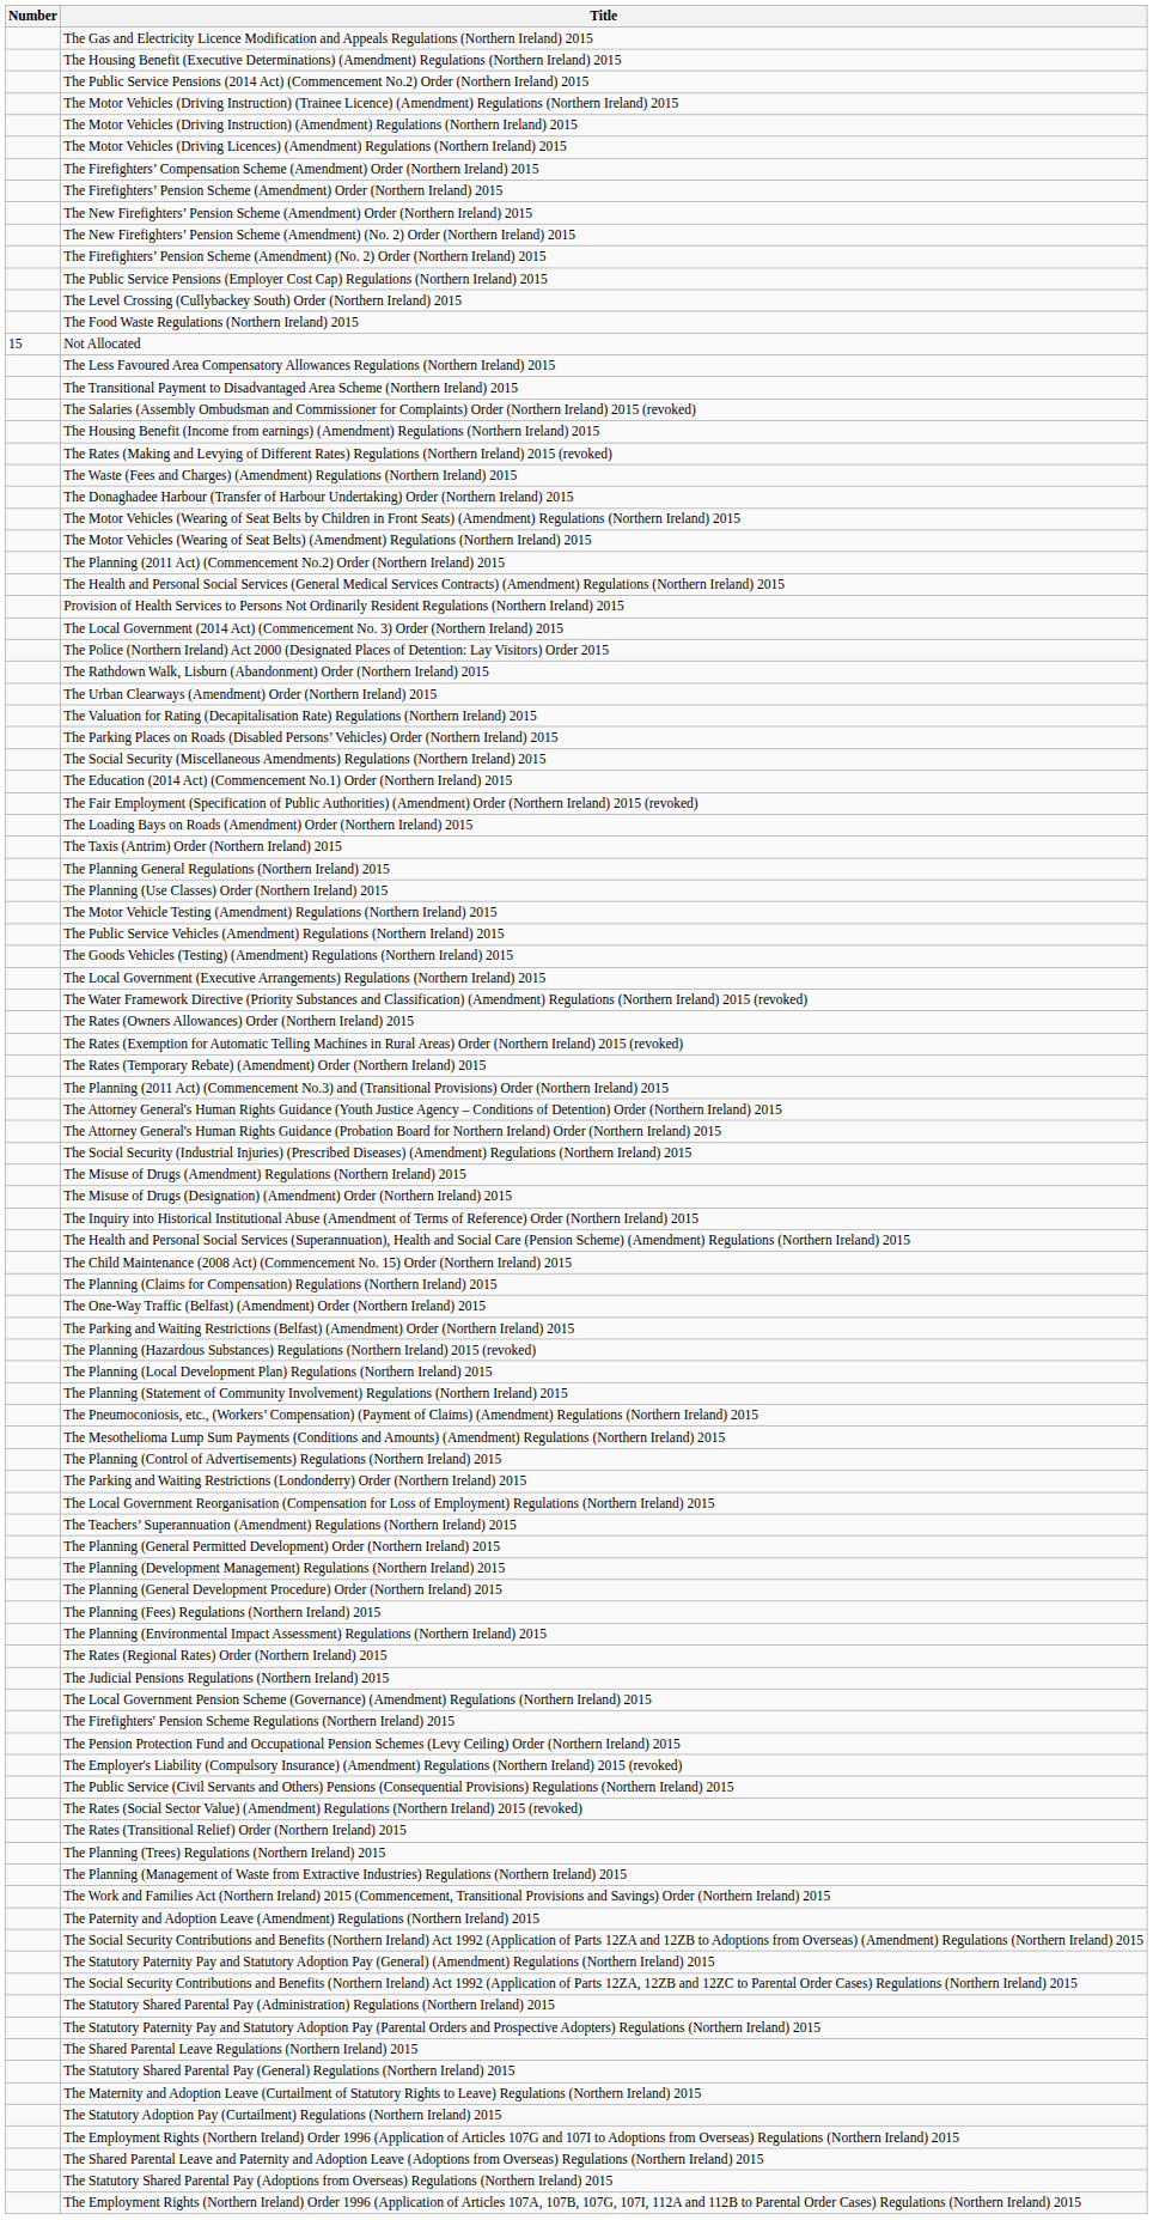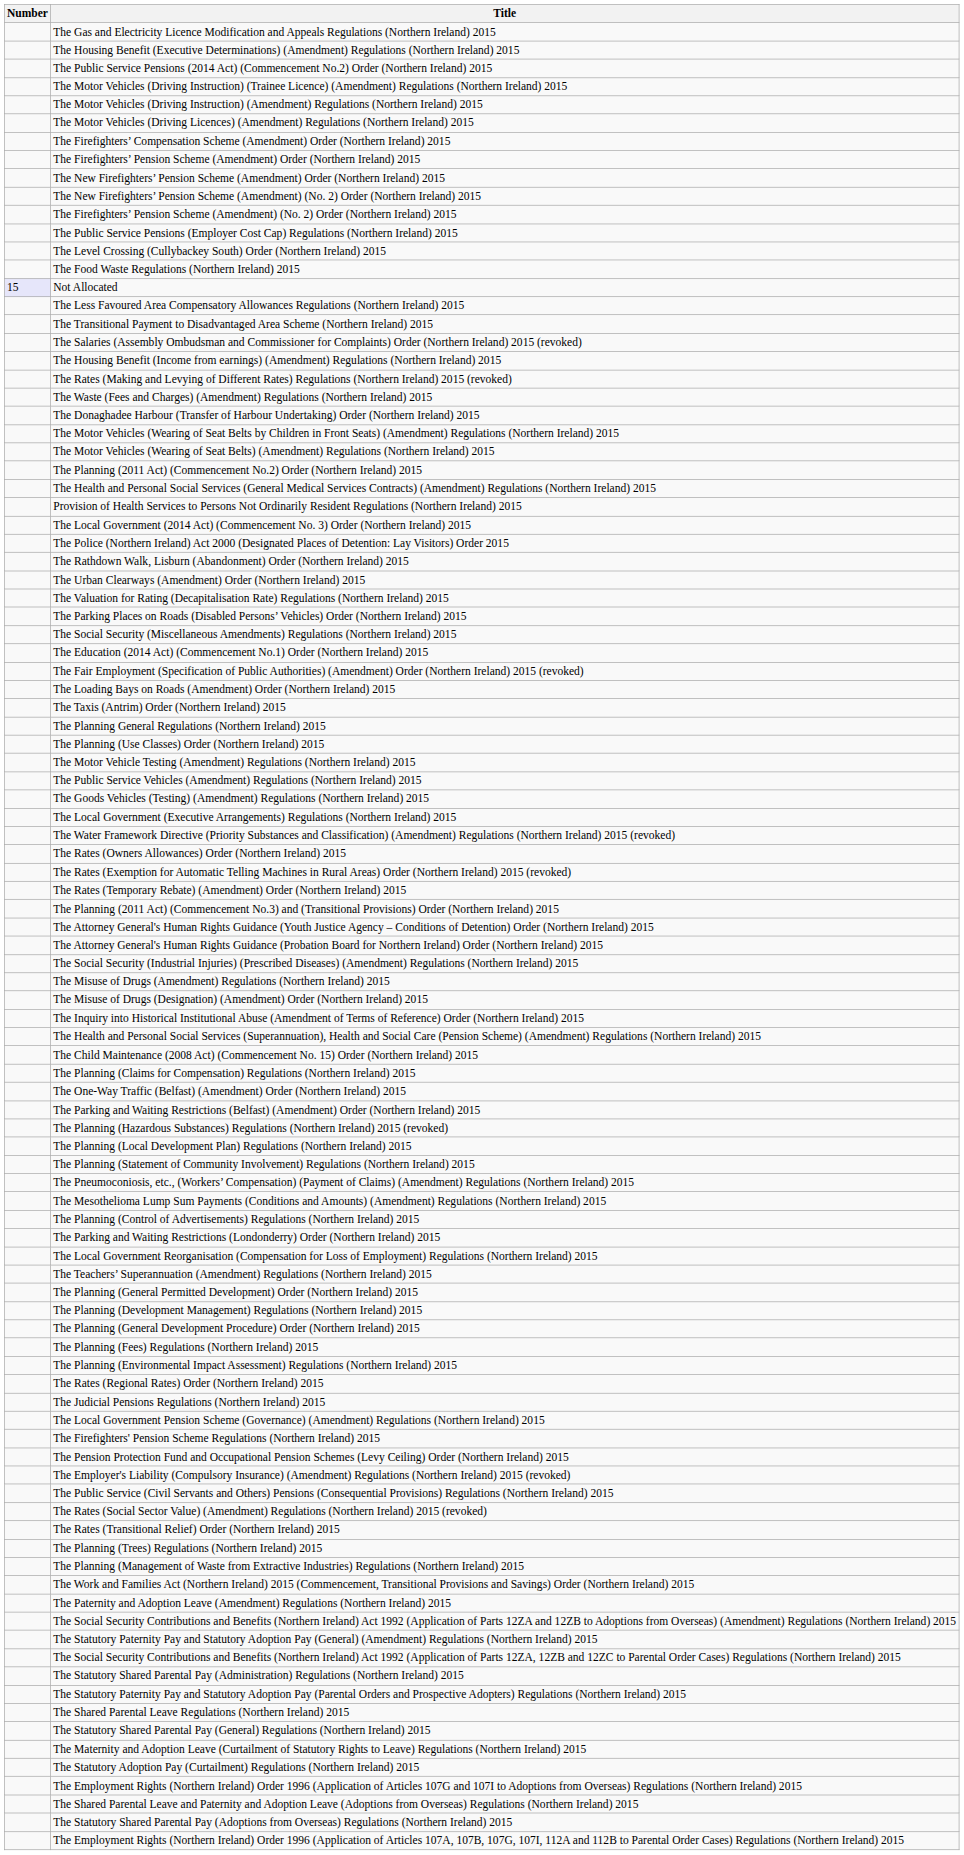 <table class="wikitable collapsible">
 <tr>
 <th>Number</th>
 <th>Title</th>
 </tr>
 <tr>
 <td></td>
 <td>The Gas and Electricity Licence Modification and Appeals Regulations (Northern Ireland) 2015</td>
 </tr>
 <tr>
 <td></td>
 <td>The Housing Benefit (Executive Determinations) (Amendment) Regulations (Northern Ireland) 2015</td>
 </tr>
 <tr>
 <td></td>
 <td>The Public Service Pensions (2014 Act) (Commencement No.2) Order (Northern Ireland) 2015</td>
 </tr>
 <tr>
 <td></td>
 <td>The Motor Vehicles (Driving Instruction) (Trainee Licence) (Amendment) Regulations (Northern Ireland) 2015</td>
 </tr>
 <tr>
 <td></td>
 <td>The Motor Vehicles (Driving Instruction) (Amendment) Regulations (Northern Ireland) 2015</td>
 </tr>
 <tr>
 <td></td>
 <td>The Motor Vehicles (Driving Licences) (Amendment) Regulations (Northern Ireland) 2015</td>
 </tr>
 <tr>
 <td></td>
 <td>The Firefighters’ Compensation Scheme (Amendment) Order (Northern Ireland) 2015</td>
 </tr>
 <tr>
 <td></td>
 <td>The Firefighters’ Pension Scheme (Amendment) Order (Northern Ireland) 2015</td>
 </tr>
 <tr>
 <td></td>
 <td>The New Firefighters’ Pension Scheme (Amendment) Order (Northern Ireland) 2015</td>
 </tr>
 <tr>
 <td></td>
 <td>The New Firefighters’ Pension Scheme (Amendment) (No. 2) Order (Northern Ireland) 2015</td>
 </tr>
 <tr>
 <td></td>
 <td>The Firefighters’ Pension Scheme (Amendment) (No. 2) Order (Northern Ireland) 2015</td>
 </tr>
 <tr>
 <td></td>
 <td>The Public Service Pensions (Employer Cost Cap) Regulations (Northern Ireland) 2015</td>
 </tr>
 <tr>
 <td></td>
 <td>The Level Crossing (Cullybackey South) Order (Northern Ireland) 2015</td>
 </tr>
 <tr>
 <td></td>
 <td>The Food Waste Regulations (Northern Ireland) 2015</td>
 </tr>
 <tr>
-<td>15</td>
+<td style="background: lavender;">15</td>
 <td>Not Allocated</td>
 </tr>
 <tr>
 <td></td>
 <td>The Less Favoured Area Compensatory Allowances Regulations (Northern Ireland) 2015</td>
 </tr>
 <tr>
 <td></td>
 <td>The Transitional Payment to Disadvantaged Area Scheme (Northern Ireland) 2015</td>
 </tr>
 <tr>
 <td></td>
 <td>The Salaries (Assembly Ombudsman and Commissioner for Complaints) Order (Northern Ireland) 2015 (revoked)</td>
 </tr>
 <tr>
 <td></td>
 <td>The Housing Benefit (Income from earnings) (Amendment) Regulations (Northern Ireland) 2015</td>
 </tr>
 <tr>
 <td></td>
 <td>The Rates (Making and Levying of Different Rates) Regulations (Northern Ireland) 2015 (revoked)</td>
 </tr>
 <tr>
 <td></td>
 <td>The Waste (Fees and Charges) (Amendment) Regulations (Northern Ireland) 2015</td>
 </tr>
 <tr>
 <td></td>
 <td>The Donaghadee Harbour (Transfer of Harbour Undertaking) Order (Northern Ireland) 2015</td>
 </tr>
 <tr>
 <td></td>
 <td>The Motor Vehicles (Wearing of Seat Belts by Children in Front Seats) (Amendment) Regulations (Northern Ireland) 2015</td>
 </tr>
 <tr>
 <td></td>
 <td>The Motor Vehicles (Wearing of Seat Belts) (Amendment) Regulations (Northern Ireland) 2015</td>
 </tr>
 <tr>
 <td></td>
 <td>The Planning (2011 Act) (Commencement No.2) Order (Northern Ireland) 2015</td>
 </tr>
 <tr>
 <td></td>
 <td>The Health and Personal Social Services (General Medical Services Contracts) (Amendment) Regulations (Northern Ireland) 2015</td>
 </tr>
 <tr>
 <td></td>
 <td>Provision of Health Services to Persons Not Ordinarily Resident Regulations (Northern Ireland) 2015</td>
 </tr>
 <tr>
 <td></td>
 <td>The Local Government (2014 Act) (Commencement No. 3) Order (Northern Ireland) 2015</td>
 </tr>
 <tr>
 <td></td>
 <td>The Police (Northern Ireland) Act 2000 (Designated Places of Detention: Lay Visitors) Order 2015</td>
 </tr>
 <tr>
 <td></td>
 <td>The Rathdown Walk, Lisburn (Abandonment) Order (Northern Ireland) 2015</td>
 </tr>
 <tr>
 <td></td>
 <td>The Urban Clearways (Amendment) Order (Northern Ireland) 2015</td>
 </tr>
 <tr>
 <td></td>
 <td>The Valuation for Rating (Decapitalisation Rate) Regulations (Northern Ireland) 2015</td>
 </tr>
 <tr>
 <td></td>
 <td>The Parking Places on Roads (Disabled Persons’ Vehicles) Order (Northern Ireland) 2015</td>
 </tr>
 <tr>
 <td></td>
 <td>The Social Security (Miscellaneous Amendments) Regulations (Northern Ireland) 2015</td>
 </tr>
 <tr>
 <td></td>
 <td>The Education (2014 Act) (Commencement No.1) Order (Northern Ireland) 2015</td>
 </tr>
 <tr>
 <td></td>
 <td>The Fair Employment (Specification of Public Authorities) (Amendment) Order (Northern Ireland) 2015 (revoked)</td>
 </tr>
 <tr>
 <td></td>
 <td>The Loading Bays on Roads (Amendment) Order (Northern Ireland) 2015</td>
 </tr>
 <tr>
 <td></td>
 <td>The Taxis (Antrim) Order (Northern Ireland) 2015</td>
 </tr>
 <tr>
 <td></td>
 <td>The Planning General Regulations (Northern Ireland) 2015</td>
 </tr>
 <tr>
 <td></td>
 <td>The Planning (Use Classes) Order (Northern Ireland) 2015</td>
 </tr>
 <tr>
 <td></td>
 <td>The Motor Vehicle Testing (Amendment) Regulations (Northern Ireland) 2015</td>
 </tr>
 <tr>
 <td></td>
 <td>The Public Service Vehicles (Amendment) Regulations (Northern Ireland) 2015</td>
 </tr>
 <tr>
 <td></td>
 <td>The Goods Vehicles (Testing) (Amendment) Regulations (Northern Ireland) 2015</td>
 </tr>
 <tr>
 <td></td>
 <td>The Local Government (Executive Arrangements) Regulations (Northern Ireland) 2015</td>
 </tr>
 <tr>
 <td></td>
 <td>The Water Framework Directive (Priority Substances and Classification) (Amendment) Regulations (Northern Ireland) 2015 (revoked)</td>
 </tr>
 <tr>
 <td></td>
 <td>The Rates (Owners Allowances) Order (Northern Ireland) 2015</td>
 </tr>
 <tr>
 <td></td>
 <td>The Rates (Exemption for Automatic Telling Machines in Rural Areas) Order (Northern Ireland) 2015 (revoked)</td>
 </tr>
 <tr>
 <td></td>
 <td>The Rates (Temporary Rebate) (Amendment) Order (Northern Ireland) 2015</td>
 </tr>
 <tr>
 <td></td>
 <td>The Planning (2011 Act) (Commencement No.3) and (Transitional Provisions) Order (Northern Ireland) 2015</td>
 </tr>
 <tr>
 <td></td>
 <td>The Attorney General's Human Rights Guidance (Youth Justice Agency – Conditions of Detention) Order (Northern Ireland) 2015</td>
 </tr>
 <tr>
 <td></td>
 <td>The Attorney General's Human Rights Guidance (Probation Board for Northern Ireland) Order (Northern Ireland) 2015</td>
 </tr>
 <tr>
 <td></td>
 <td>The Social Security (Industrial Injuries) (Prescribed Diseases) (Amendment) Regulations (Northern Ireland) 2015</td>
 </tr>
 <tr>
 <td></td>
 <td>The Misuse of Drugs (Amendment) Regulations (Northern Ireland) 2015</td>
 </tr>
 <tr>
 <td></td>
 <td>The Misuse of Drugs (Designation) (Amendment) Order (Northern Ireland) 2015</td>
 </tr>
 <tr>
 <td></td>
 <td>The Inquiry into Historical Institutional Abuse (Amendment of Terms of Reference) Order (Northern Ireland) 2015</td>
 </tr>
 <tr>
 <td></td>
 <td>The Health and Personal Social Services (Superannuation), Health and Social Care (Pension Scheme) (Amendment) Regulations (Northern Ireland) 2015</td>
 </tr>
 <tr>
 <td></td>
 <td>The Child Maintenance (2008 Act) (Commencement No. 15) Order (Northern Ireland) 2015</td>
 </tr>
 <tr>
 <td></td>
 <td>The Planning (Claims for Compensation) Regulations (Northern Ireland) 2015</td>
 </tr>
 <tr>
 <td></td>
 <td>The One-Way Traffic (Belfast) (Amendment) Order (Northern Ireland) 2015</td>
 </tr>
 <tr>
 <td></td>
 <td>The Parking and Waiting Restrictions (Belfast) (Amendment) Order (Northern Ireland) 2015</td>
 </tr>
 <tr>
 <td></td>
 <td>The Planning (Hazardous Substances) Regulations (Northern Ireland) 2015 (revoked)</td>
 </tr>
 <tr>
 <td></td>
 <td>The Planning (Local Development Plan) Regulations (Northern Ireland) 2015</td>
 </tr>
 <tr>
 <td></td>
 <td>The Planning (Statement of Community Involvement) Regulations (Northern Ireland) 2015</td>
 </tr>
 <tr>
 <td></td>
 <td>The Pneumoconiosis, etc., (Workers’ Compensation) (Payment of Claims) (Amendment) Regulations (Northern Ireland) 2015</td>
 </tr>
 <tr>
 <td></td>
 <td>The Mesothelioma Lump Sum Payments (Conditions and Amounts) (Amendment) Regulations (Northern Ireland) 2015</td>
 </tr>
 <tr>
 <td></td>
 <td>The Planning (Control of Advertisements) Regulations (Northern Ireland) 2015</td>
 </tr>
 <tr>
 <td></td>
 <td>The Parking and Waiting Restrictions (Londonderry) Order (Northern Ireland) 2015</td>
 </tr>
 <tr>
 <td></td>
 <td>The Local Government Reorganisation (Compensation for Loss of Employment) Regulations (Northern Ireland) 2015</td>
 </tr>
 <tr>
 <td></td>
 <td>The Teachers’ Superannuation (Amendment) Regulations (Northern Ireland) 2015</td>
 </tr>
 <tr>
 <td></td>
 <td>The Planning (General Permitted Development) Order (Northern Ireland) 2015</td>
 </tr>
 <tr>
 <td></td>
 <td>The Planning (Development Management) Regulations (Northern Ireland) 2015</td>
 </tr>
 <tr>
 <td></td>
 <td>The Planning (General Development Procedure) Order (Northern Ireland) 2015</td>
 </tr>
 <tr>
 <td></td>
 <td>The Planning (Fees) Regulations (Northern Ireland) 2015</td>
 </tr>
 <tr>
 <td></td>
 <td>The Planning (Environmental Impact Assessment) Regulations (Northern Ireland) 2015</td>
 </tr>
 <tr>
 <td></td>
 <td>The Rates (Regional Rates) Order (Northern Ireland) 2015</td>
 </tr>
 <tr>
 <td></td>
 <td>The Judicial Pensions Regulations (Northern Ireland) 2015</td>
 </tr>
 <tr>
 <td></td>
 <td>The Local Government Pension Scheme (Governance) (Amendment) Regulations (Northern Ireland) 2015</td>
 </tr>
 <tr>
 <td></td>
 <td>The Firefighters' Pension Scheme Regulations (Northern Ireland) 2015</td>
 </tr>
 <tr>
 <td></td>
 <td>The Pension Protection Fund and Occupational Pension Schemes (Levy Ceiling) Order (Northern Ireland) 2015</td>
 </tr>
 <tr>
 <td></td>
 <td>The Employer's Liability (Compulsory Insurance) (Amendment) Regulations (Northern Ireland) 2015 (revoked)</td>
 </tr>
 <tr>
 <td></td>
 <td>The Public Service (Civil Servants and Others) Pensions (Consequential Provisions) Regulations (Northern Ireland) 2015</td>
 </tr>
 <tr>
 <td></td>
 <td>The Rates (Social Sector Value) (Amendment) Regulations (Northern Ireland) 2015 (revoked)</td>
 </tr>
 <tr>
 <td></td>
 <td>The Rates (Transitional Relief) Order (Northern Ireland) 2015</td>
 </tr>
 <tr>
 <td></td>
 <td>The Planning (Trees) Regulations (Northern Ireland) 2015</td>
 </tr>
 <tr>
 <td></td>
 <td>The Planning (Management of Waste from Extractive Industries) Regulations (Northern Ireland) 2015</td>
 </tr>
 <tr>
 <td></td>
 <td>The Work and Families Act (Northern Ireland) 2015 (Commencement, Transitional Provisions and Savings) Order (Northern Ireland) 2015</td>
 </tr>
 <tr>
 <td></td>
 <td>The Paternity and Adoption Leave (Amendment) Regulations (Northern Ireland) 2015</td>
 </tr>
 <tr>
 <td></td>
 <td>The Social Security Contributions and Benefits (Northern Ireland) Act 1992 (Application of Parts 12ZA and 12ZB to Adoptions from Overseas) (Amendment) Regulations (Northern Ireland) 2015</td>
 </tr>
 <tr>
 <td></td>
 <td>The Statutory Paternity Pay and Statutory Adoption Pay (General) (Amendment) Regulations (Northern Ireland) 2015</td>
 </tr>
 <tr>
 <td></td>
 <td>The Social Security Contributions and Benefits (Northern Ireland) Act 1992 (Application of Parts 12ZA, 12ZB and 12ZC to Parental Order Cases) Regulations (Northern Ireland) 2015</td>
 </tr>
 <tr>
 <td></td>
 <td>The Statutory Shared Parental Pay (Administration) Regulations (Northern Ireland) 2015</td>
 </tr>
 <tr>
 <td></td>
 <td>The Statutory Paternity Pay and Statutory Adoption Pay (Parental Orders and Prospective Adopters) Regulations (Northern Ireland) 2015</td>
 </tr>
 <tr>
 <td></td>
 <td>The Shared Parental Leave Regulations (Northern Ireland) 2015</td>
 </tr>
 <tr>
 <td></td>
 <td>The Statutory Shared Parental Pay (General) Regulations (Northern Ireland) 2015</td>
 </tr>
 <tr>
 <td></td>
 <td>The Maternity and Adoption Leave (Curtailment of Statutory Rights to Leave) Regulations (Northern Ireland) 2015</td>
 </tr>
 <tr>
 <td></td>
 <td>The Statutory Adoption Pay (Curtailment) Regulations (Northern Ireland) 2015</td>
 </tr>
 <tr>
 <td></td>
 <td>The Employment Rights (Northern Ireland) Order 1996 (Application of Articles 107G and 107I to Adoptions from Overseas) Regulations (Northern Ireland) 2015</td>
 </tr>
 <tr>
 <td></td>
 <td>The Shared Parental Leave and Paternity and Adoption Leave (Adoptions from Overseas) Regulations (Northern Ireland) 2015</td>
 </tr>
 <tr>
 <td></td>
 <td>The Statutory Shared Parental Pay (Adoptions from Overseas) Regulations (Northern Ireland) 2015</td>
 </tr>
 <tr>
 <td></td>
 <td>The Employment Rights (Northern Ireland) Order 1996 (Application of Articles 107A, 107B, 107G, 107I, 112A and 112B to Parental Order Cases) Regulations (Northern Ireland) 2015</td>
 </tr>
 </table>
